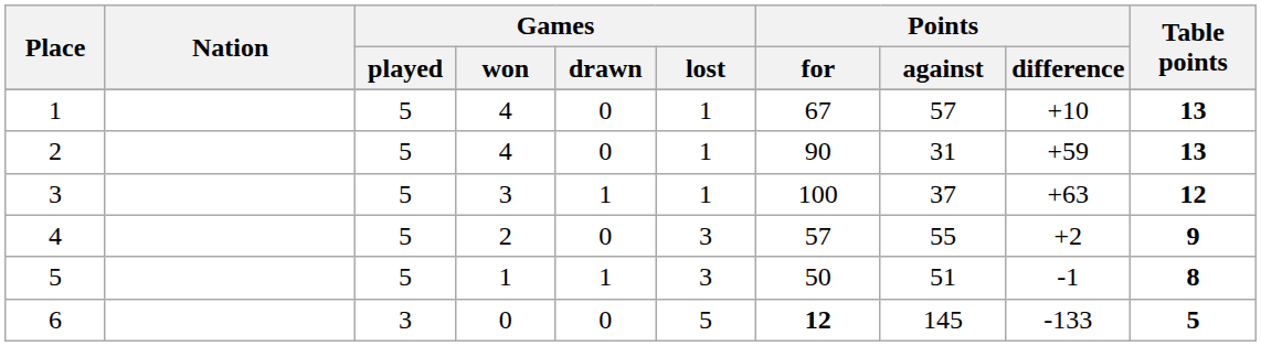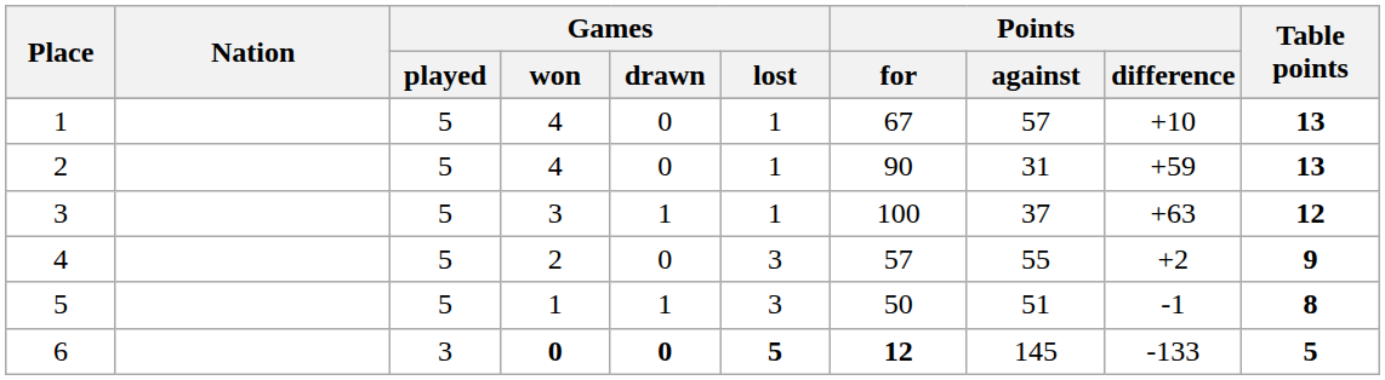 <table class="wikitable">
 <tr>
 <th rowspan=2 width="8%">Place</th>
 <th rowspan=2 width="20%">Nation</th>
 <th colspan=4 width="32%">Games</th>
 <th colspan=3 width="30%">Points</th>
 <th rowspan=2 width="10%">Table<br>points</th>
 </tr>
 <tr>
 <th width="8%">played</th>
 <th width="8%">won</th>
 <th width="8%">drawn</th>
 <th width="8%">lost</th>
 <th width="10%">for</th>
 <th width="10%">against</th>
 <th width="10%">difference</th>
 </tr>
 <tr>
 </tr>
 <tr bgcolor=#ffffff align=center>
 <td>1</td>
 <td align=left></td>
 <td>5</td>
 <td>4</td>
 <td>0</td>
 <td>1</td>
 <td>67</td>
 <td>57</td>
 <td>+10</td>
 <td><strong>13</strong></td>
 </tr>
 <tr bgcolor=#ffffff align=center>
 <td>2</td>
 <td align=left></td>
 <td>5</td>
 <td>4</td>
 <td>0</td>
 <td>1</td>
 <td>90</td>
 <td>31</td>
 <td>+59</td>
 <td><strong>13</strong></td>
 </tr>
 <tr bgcolor=#ffffff align=center>
 <td>3</td>
 <td align=left></td>
 <td>5</td>
 <td>3</td>
 <td>1</td>
 <td>1</td>
 <td>100</td>
 <td>37</td>
 <td>+63</td>
 <td><strong>12</strong></td>
 </tr>
 <tr bgcolor=#ffffff align=center>
 <td>4</td>
 <td align=left></td>
 <td>5</td>
 <td>2</td>
 <td>0</td>
 <td>3</td>
 <td>57</td>
 <td>55</td>
 <td>+2</td>
 <td><strong>9</strong></td>
 </tr>
 <tr bgcolor=#ffffff align=center>
 <td>5</td>
 <td align=left></td>
 <td>5</td>
 <td>1</td>
 <td>1</td>
 <td>3</td>
 <td>50</td>
 <td>51</td>
 <td>-1</td>
 <td><strong>8</strong></td>
 </tr>
 <tr bgcolor=#ffffff align=center>
 <td>6</td>
 <td align=left></td>
 <td>3</td>
-<td>0</td>
-<td>0</td>
-<td>5</td>
+<td><strong>0</strong></td>
+<td><strong>0</strong></td>
+<td><strong>5</strong></td>
 <td><strong>12</strong></td>
 <td>145</td>
 <td>-133</td>
 <td><strong>5</strong></td>
 </tr>
 </table>
